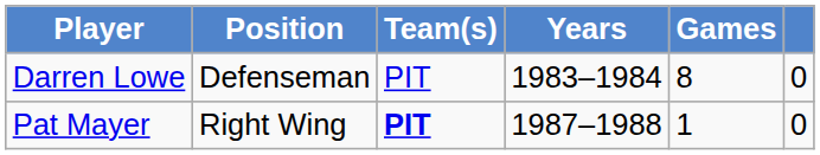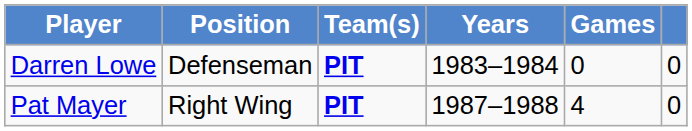 <table class="wikitable">
 <tr>
 <th style="color:white; background:#5084CB; ">Player</th>
 <th style="color:white; background:#5084CB; ">Position</th>
 <th style="color:white; background:#5084CB; ">Team(s)</th>
 <th style="color:white; background:#5084CB; ">Years</th>
 <th style="color:white; background:#5084CB; ">Games</th>
 <th style="color:white; background:#5084CB; "><a href='#'></a></th>
 </tr>
 <tr>
 <td><a href='#'>Darren Lowe</a></td>
 <td>Defenseman</td>
-<td><a href='#'>PIT</a></td>
+<td><strong><a href='#'>PIT</a></strong></td>
 <td>1983–1984</td>
-<td>8</td>
+<td>0</td>
 <td>0</td>
 </tr>
 <tr>
 <td><a href='#'>Pat Mayer</a></td>
 <td>Right Wing</td>
 <td><strong><a href='#'>PIT</a></strong></td>
 <td>1987–1988</td>
-<td>1</td>
+<td>4</td>
 <td>0</td>
 </tr>
 </table>
